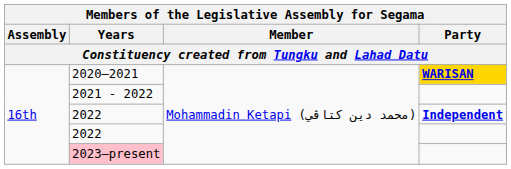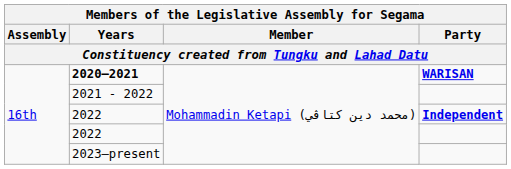 <table class=wikitable>
 <tr>
 <th colspan="4">Members of the Legislative Assembly for Segama</th>
 </tr>
 <tr>
 <th>Assembly</th>
 <th>Years</th>
 <th>Member</th>
 <th>Party</th>
 </tr>
 <tr>
 <th colspan=4 align=center><em>Constituency created from <a href='#'>Tungku</a> and <a href='#'>Lahad Datu</a></em></th>
 </tr>
 <tr>
 <td rowspan="5"><a href='#'>16th</a></td>
-<td>2020–2021</td>
+<td><strong>2020–2021</strong></td>
 <td rowspan="5"><a href='#'>Mohammadin Ketapi</a> (محمد دين کتاڤي)</td>
-<td style="background: gold;"><strong><a href='#'>WARISAN</a></strong></td>
+<td><strong><a href='#'>WARISAN</a></strong></td>
 </tr>
 <tr>
 <td>2021 - 2022</td>
 <td></td>
 </tr>
 <tr>
 <td>2022</td>
 <td><strong><a href='#'>Independent</a></strong></td>
 </tr>
 <tr>
 <td>2022</td>
 <td></td>
 </tr>
 <tr>
-<td style="background: pink;">2023–present</td>
+<td>2023–present</td>
 <td></td>
 </tr>
 </table>
